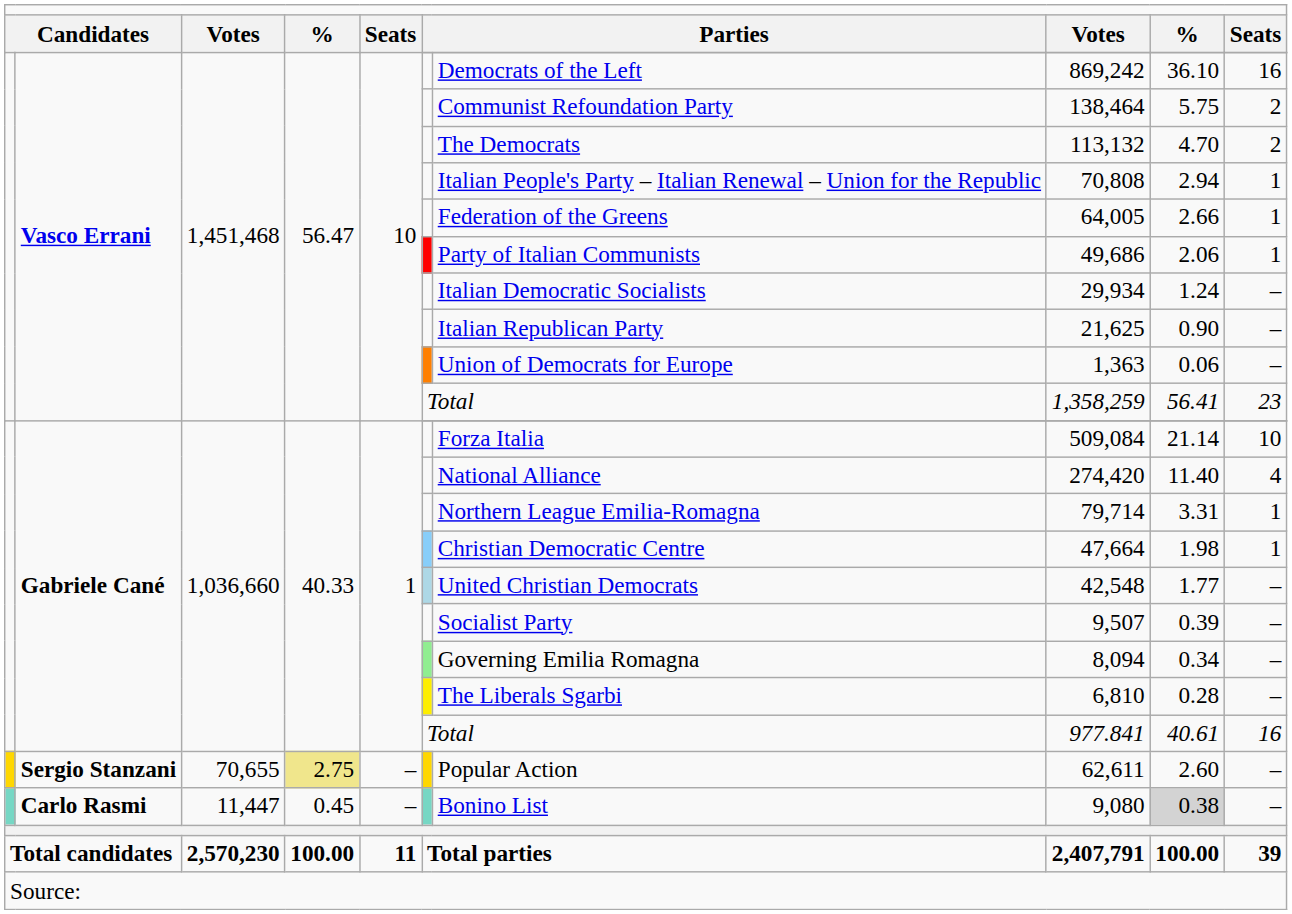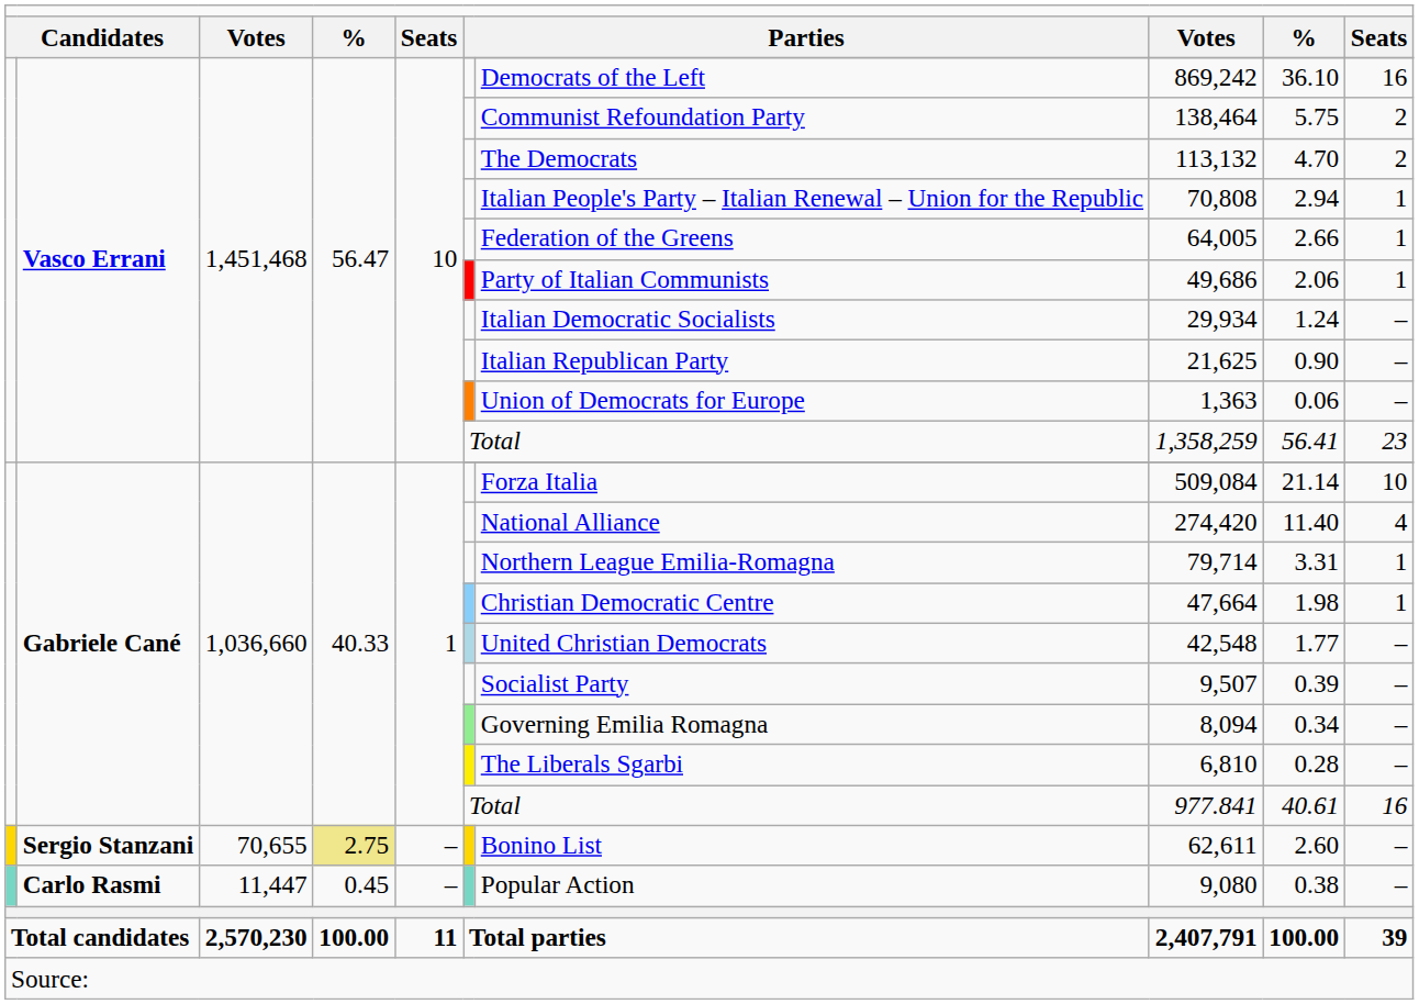 <table class="wikitable">
 <tr>
 <td colspan=10></td>
 </tr>
 <tr>
 <th colspan=2>Candidates</th>
 <th>Votes</th>
 <th>%</th>
 <th>Seats</th>
 <th colspan=2>Parties</th>
 <th>Votes</th>
 <th>%</th>
 <th>Seats</th>
 </tr>
 <tr>
 <td rowspan=11></td>
 <td rowspan=11><strong><a href='#'>Vasco Errani</a></strong></td>
 <td rowspan=11 align=right>1,451,468</td>
 <td rowspan=11 align=right>56.47</td>
 <td rowspan=11 align=right>10</td>
 </tr>
 <tr>
 <td></td>
 <td><a href='#'>Democrats of the Left</a></td>
 <td align=right>869,242</td>
 <td align=right>36.10</td>
 <td align=right>16</td>
 </tr>
 <tr>
 <td></td>
 <td><a href='#'>Communist Refoundation Party</a></td>
 <td align=right>138,464</td>
 <td align=right>5.75</td>
 <td align=right>2</td>
 </tr>
 <tr>
 <td></td>
 <td><a href='#'>The Democrats</a></td>
 <td align=right>113,132</td>
 <td align=right>4.70</td>
 <td align=right>2</td>
 </tr>
 <tr>
 <td></td>
 <td><a href='#'>Italian People's Party</a> – <a href='#'>Italian Renewal</a> – <a href='#'>Union for the Republic</a></td>
 <td align=right>70,808</td>
 <td align=right>2.94</td>
 <td align=right>1</td>
 </tr>
 <tr>
 <td></td>
 <td><a href='#'>Federation of the Greens</a></td>
 <td align=right>64,005</td>
 <td align=right>2.66</td>
 <td align=right>1</td>
 </tr>
 <tr>
 <td bgcolor="red"></td>
 <td><a href='#'>Party of Italian Communists</a></td>
 <td align=right>49,686</td>
 <td align=right>2.06</td>
 <td align=right>1</td>
 </tr>
 <tr>
 <td></td>
 <td><a href='#'>Italian Democratic Socialists</a></td>
 <td align=right>29,934</td>
 <td align=right>1.24</td>
 <td align=right>–</td>
 </tr>
 <tr>
 <td></td>
 <td><a href='#'>Italian Republican Party</a></td>
 <td align=right>21,625</td>
 <td align=right>0.90</td>
 <td align=right>–</td>
 </tr>
 <tr>
 <td bgcolor="#FF7F00"></td>
 <td><a href='#'>Union of Democrats for Europe</a></td>
 <td align=right>1,363</td>
 <td align=right>0.06</td>
 <td align=right>–</td>
 </tr>
 <tr>
 <td colspan=2><em>Total</em></td>
 <td align=right><em>1,358,259</em></td>
 <td align=right><em>56.41</em></td>
 <td align=right><em>23</em></td>
 </tr>
 <tr>
 <td rowspan=10></td>
 <td rowspan=10><strong>Gabriele Cané</strong></td>
 <td rowspan=10 align=right>1,036,660</td>
 <td rowspan=10 align=right>40.33</td>
 <td rowspan=10 align=right>1</td>
 </tr>
 <tr>
 <td></td>
 <td><a href='#'>Forza Italia</a></td>
 <td align=right>509,084</td>
 <td align=right>21.14</td>
 <td align=right>10</td>
 </tr>
 <tr>
 <td></td>
 <td><a href='#'>National Alliance</a></td>
 <td align=right>274,420</td>
 <td align=right>11.40</td>
 <td align=right>4</td>
 </tr>
 <tr>
 <td></td>
 <td><a href='#'>Northern League Emilia-Romagna</a></td>
 <td align=right>79,714</td>
 <td align=right>3.31</td>
 <td align=right>1</td>
 </tr>
 <tr>
 <td bgcolor="lightskyblue"></td>
 <td><a href='#'>Christian Democratic Centre</a></td>
 <td align=right>47,664</td>
 <td align=right>1.98</td>
 <td align=right>1</td>
 </tr>
 <tr>
 <td bgcolor="lightblue"></td>
 <td><a href='#'>United Christian Democrats</a></td>
 <td align=right>42,548</td>
 <td align=right>1.77</td>
 <td align=right>–</td>
 </tr>
 <tr>
 <td></td>
 <td><a href='#'>Socialist Party</a></td>
 <td align=right>9,507</td>
 <td align=right>0.39</td>
 <td align=right>–</td>
 </tr>
 <tr>
 <td bgcolor="lightgreen"></td>
 <td>Governing Emilia Romagna</td>
 <td align=right>8,094</td>
 <td align=right>0.34</td>
 <td align=right>–</td>
 </tr>
 <tr>
 <td bgcolor="#FDEE00"></td>
 <td><a href='#'>The Liberals Sgarbi</a></td>
 <td align=right>6,810</td>
 <td align=right>0.28</td>
 <td align=right>–</td>
 </tr>
 <tr>
 <td colspan=2><em>Total</em></td>
 <td align=right><em>977.841</em></td>
 <td align=right><em>40.61</em></td>
 <td align=right><em>16</em></td>
 </tr>
 <tr>
 <td bgcolor="gold"></td>
 <td><strong>Sergio Stanzani</strong></td>
 <td align=right>70,655</td>
 <td align=right style="background: khaki;">2.75</td>
 <td align=right>–</td>
 <td bgcolor="gold"></td>
-<td>Popular Action</td>
+<td><a href='#'>Bonino List</a></td>
 <td align=right>62,611</td>
 <td align=right>2.60</td>
 <td align=right>–</td>
 </tr>
 <tr>
 <td bgcolor="#76D7C4"></td>
 <td><strong>Carlo Rasmi</strong></td>
 <td align=right>11,447</td>
 <td align=right>0.45</td>
 <td align=right>–</td>
 <td bgcolor="#76D7C4"></td>
-<td><a href='#'>Bonino List</a></td>
+<td>Popular Action</td>
 <td align=right>9,080</td>
-<td align=right style="background: lightgrey;">0.38</td>
+<td align=right>0.38</td>
 <td align=right>–</td>
 </tr>
 <tr>
 <th colspan=10></th>
 </tr>
 <tr>
 <td colspan=2><strong>Total candidates</strong></td>
 <td align=right><strong>2,570,230</strong></td>
 <td align=right><strong>100.00</strong></td>
 <td align=right><strong>11</strong></td>
 <td colspan=2><strong>Total parties</strong></td>
 <td align=right><strong>2,407,791</strong></td>
 <td align=right><strong>100.00</strong></td>
 <td align=right><strong>39</strong></td>
 </tr>
 <tr>
 <td colspan=10>Source: </td>
 </tr>
 </table>
